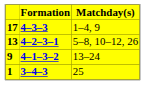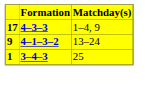 <table class="toccolours" border="0" cellpadding="2" cellspacing="0" align="center" style="margin: 0.5em 0 1em 1em; background: #000000; border: 1px #aaaaaa solid;">
 <tr bgcolor=#FFFF00>
 <th></th>
 <th>Formation</th>
 <th>Matchday(s)</th>
 </tr>
 <tr bgcolor=#FFFF00>
 <td><strong>17</strong></td>
 <td><a href='#'><span><strong>4–3–3</strong></span></a></td>
 <td>1–4, 9</td>
 </tr>
 <tr bgcolor=#FFFF00>
-<td><strong>13</strong></td>
-<td><a href='#'><span><strong>4–2–3–1</strong></span></a></td>
-<td>5–8, 10–12, 26</td>
-</tr>
-<tr bgcolor=#FFFF00>
 <td><strong>9</strong></td>
 <td><a href='#'><span><strong>4–1–3–2</strong></span></a></td>
 <td>13–24</td>
 </tr>
 <tr bgcolor=#FFFF00>
 <td><strong>1</strong></td>
 <td><a href='#'><span><strong>3–4–3</strong></span></a></td>
 <td>25</td>
 </tr>
 </table>
